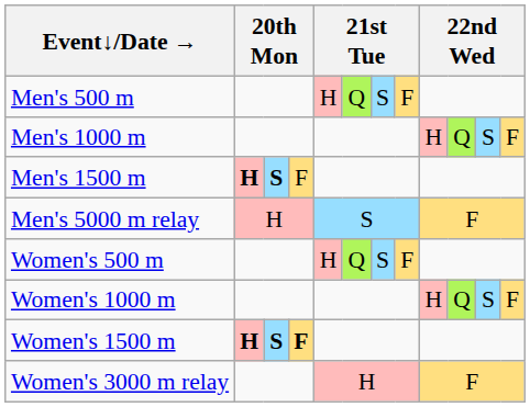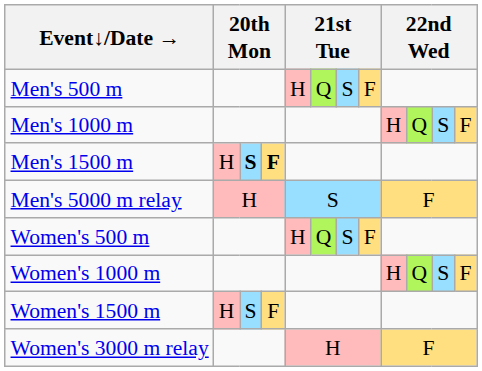 <table class="wikitable" style="margin:0.5em auto; font-size:90%; line-height:1.25em; text-align:center;">
 <tr>
 <th>Event↓/Date →</th>
 <th colspan=3>20th<br>Mon</th>
 <th colspan=4>21st<br>Tue</th>
 <th colspan=4>22nd<br>Wed</th>
 </tr>
 <tr>
 <td align="left"><a href='#'>Men's 500 m</a></td>
 <td colspan=3></td>
 <td bgcolor="#FFBBBB">H</td>
 <td bgcolor="#AFF55B">Q</td>
 <td bgcolor="#97DEFF">S</td>
 <td bgcolor="#FFDF80">F</td>
 <td colspan=4></td>
 </tr>
 <tr>
 <td align="left"><a href='#'>Men's 1000 m</a></td>
 <td colspan=3></td>
 <td colspan=4></td>
 <td bgcolor="#FFBBBB">H</td>
 <td bgcolor="#AFF55B">Q</td>
 <td bgcolor="#97DEFF">S</td>
 <td bgcolor="#FFDF80">F</td>
 </tr>
 <tr>
 <td align="left"><a href='#'>Men's 1500 m</a></td>
-<td bgcolor="#FFBBBB"><strong>H</strong></td>
+<td bgcolor="#FFBBBB">H</td>
 <td bgcolor="#97DEFF"><strong>S</strong></td>
-<td bgcolor="#FFDF80">F</td>
+<td bgcolor="#FFDF80"><strong>F</strong></td>
 <td colspan=4></td>
 <td colspan=4></td>
 </tr>
 <tr>
 <td align="left"><a href='#'>Men's 5000 m relay</a></td>
 <td colspan=3 bgcolor="#FFBBBB">H</td>
 <td colspan=4 bgcolor="#97DEFF">S</td>
 <td colspan=4 bgcolor="#FFDF80">F</td>
 </tr>
 <tr>
 <td align="left"><a href='#'>Women's 500 m</a></td>
 <td colspan=3></td>
 <td bgcolor="#FFBBBB">H</td>
 <td bgcolor="#AFF55B">Q</td>
 <td bgcolor="#97DEFF">S</td>
 <td bgcolor="#FFDF80">F</td>
 <td colspan=4></td>
 </tr>
 <tr>
 <td align="left"><a href='#'>Women's 1000 m</a></td>
 <td colspan=3></td>
 <td colspan=4></td>
 <td bgcolor="#FFBBBB">H</td>
 <td bgcolor="#AFF55B">Q</td>
 <td bgcolor="#97DEFF">S</td>
 <td bgcolor="#FFDF80">F</td>
 </tr>
 <tr>
 <td align="left"><a href='#'>Women's 1500 m</a></td>
-<td bgcolor="#FFBBBB"><strong>H</strong></td>
-<td bgcolor="#97DEFF"><strong>S</strong></td>
-<td bgcolor="#FFDF80"><strong>F</strong></td>
+<td bgcolor="#FFBBBB">H</td>
+<td bgcolor="#97DEFF">S</td>
+<td bgcolor="#FFDF80">F</td>
 <td colspan=4></td>
 <td colspan=4></td>
 </tr>
 <tr>
 <td align="left"><a href='#'>Women's 3000 m relay</a></td>
 <td colspan=3></td>
 <td colspan=4 bgcolor="#FFBBBB">H</td>
 <td colspan=4 bgcolor="#FFDF80">F</td>
 </tr>
 </table>
